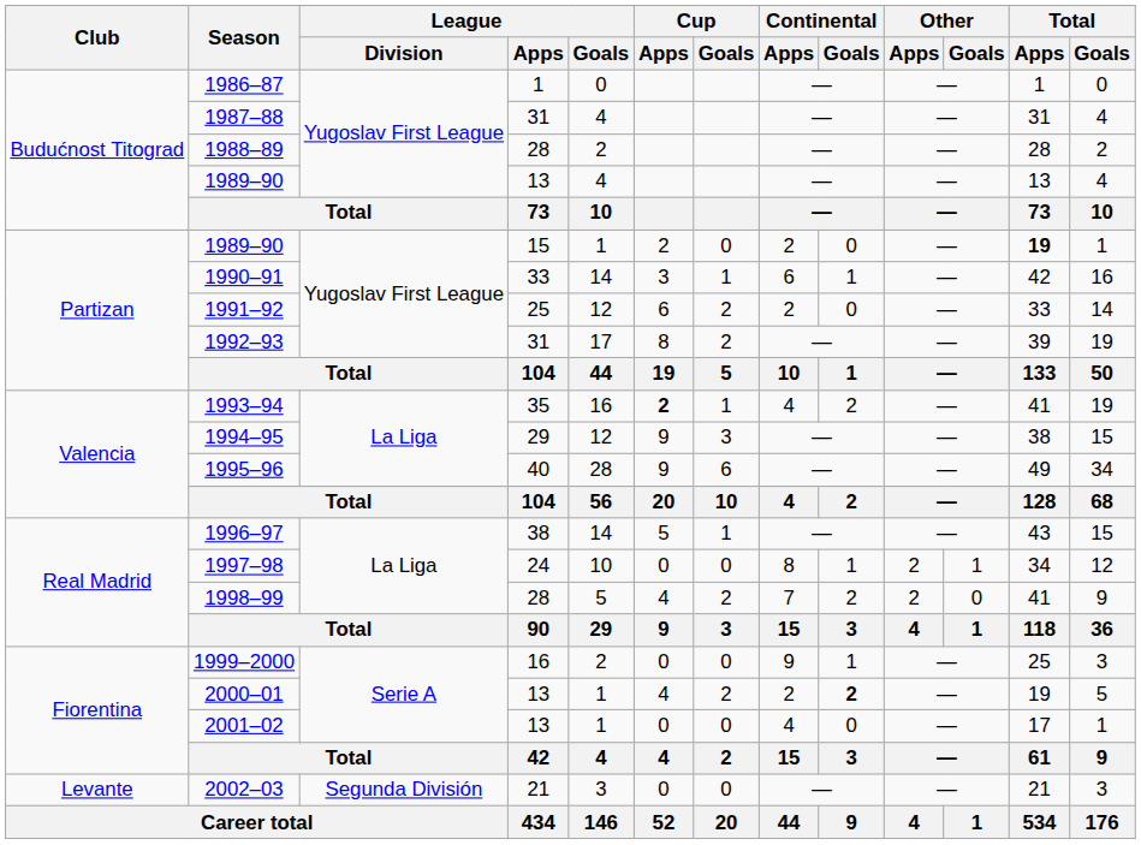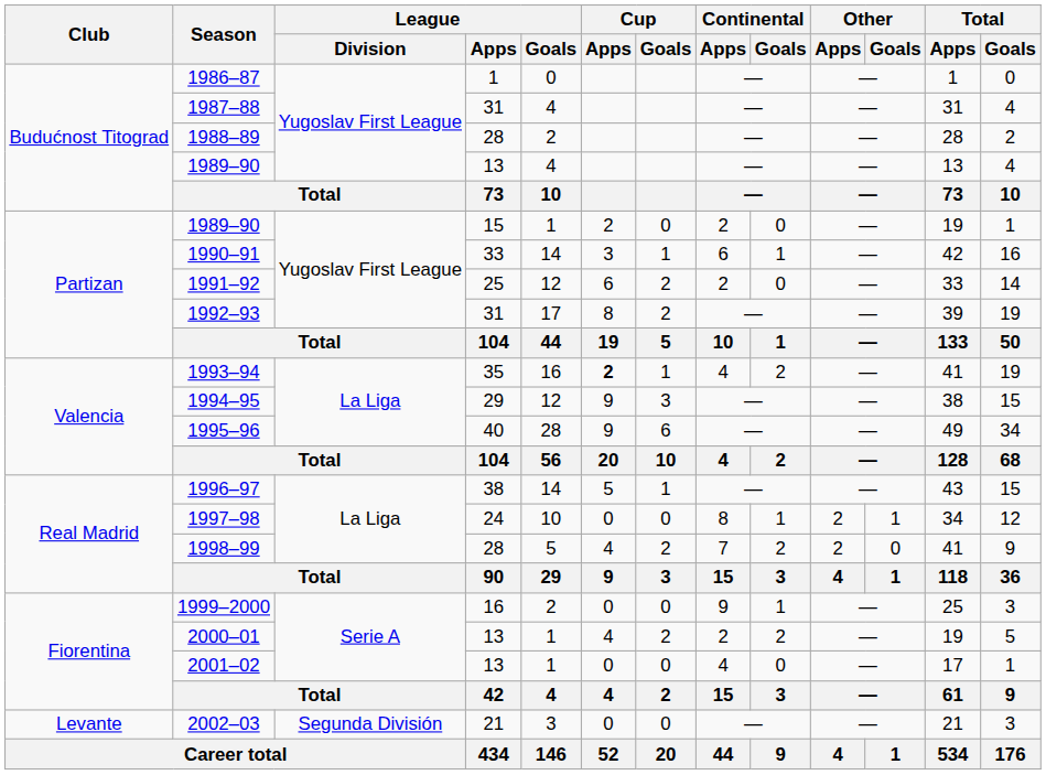 <table class="wikitable" style="text-align:center">
 <tr>
 <th rowspan="2">Club</th>
 <th rowspan="2">Season</th>
 <th colspan="3">League</th>
 <th colspan="2">Cup</th>
 <th colspan="2">Continental</th>
 <th colspan="2">Other</th>
 <th colspan="2">Total</th>
 </tr>
 <tr>
 <th>Division</th>
 <th>Apps</th>
 <th>Goals</th>
 <th>Apps</th>
 <th>Goals</th>
 <th>Apps</th>
 <th>Goals</th>
 <th>Apps</th>
 <th>Goals</th>
 <th>Apps</th>
 <th>Goals</th>
 </tr>
 <tr>
 <td rowspan="5"><a href='#'>Budućnost Titograd</a></td>
 <td><a href='#'>1986–87</a></td>
 <td rowspan="4"><a href='#'>Yugoslav First League</a></td>
 <td>1</td>
 <td>0</td>
 <td></td>
 <td></td>
 <td colspan="2">—</td>
 <td colspan="2">—</td>
 <td>1</td>
 <td>0</td>
 </tr>
 <tr>
 <td><a href='#'>1987–88</a></td>
 <td>31</td>
 <td>4</td>
 <td></td>
 <td></td>
 <td colspan="2">—</td>
 <td colspan="2">—</td>
 <td>31</td>
 <td>4</td>
 </tr>
 <tr>
 <td><a href='#'>1988–89</a></td>
 <td>28</td>
 <td>2</td>
 <td></td>
 <td></td>
 <td colspan="2">—</td>
 <td colspan="2">—</td>
 <td>28</td>
 <td>2</td>
 </tr>
 <tr>
 <td><a href='#'>1989–90</a></td>
 <td>13</td>
 <td>4</td>
 <td></td>
 <td></td>
 <td colspan="2">—</td>
 <td colspan="2">—</td>
 <td>13</td>
 <td>4</td>
 </tr>
 <tr>
 <th colspan="2">Total</th>
 <th>73</th>
 <th>10</th>
 <th></th>
 <th></th>
 <th colspan="2">—</th>
 <th colspan="2">—</th>
 <th>73</th>
 <th>10</th>
 </tr>
 <tr>
 <td rowspan="5"><a href='#'>Partizan</a></td>
 <td><a href='#'>1989–90</a></td>
 <td rowspan="4">Yugoslav First League</td>
 <td>15</td>
 <td>1</td>
 <td>2</td>
 <td>0</td>
 <td>2</td>
 <td>0</td>
 <td colspan="2">—</td>
-<td><strong>19</strong></td>
+<td>19</td>
 <td>1</td>
 </tr>
 <tr>
 <td><a href='#'>1990–91</a></td>
 <td>33</td>
 <td>14</td>
 <td>3</td>
 <td>1</td>
 <td>6</td>
 <td>1</td>
 <td colspan="2">—</td>
 <td>42</td>
 <td>16</td>
 </tr>
 <tr>
 <td><a href='#'>1991–92</a></td>
 <td>25</td>
 <td>12</td>
 <td>6</td>
 <td>2</td>
 <td>2</td>
 <td>0</td>
 <td colspan="2">—</td>
 <td>33</td>
 <td>14</td>
 </tr>
 <tr>
 <td><a href='#'>1992–93</a></td>
 <td>31</td>
 <td>17</td>
 <td>8</td>
 <td>2</td>
 <td colspan="2">—</td>
 <td colspan="2">—</td>
 <td>39</td>
 <td>19</td>
 </tr>
 <tr>
 <th colspan="2">Total</th>
 <th>104</th>
 <th>44</th>
 <th>19</th>
 <th>5</th>
 <th>10</th>
 <th>1</th>
 <th colspan="2">—</th>
 <th>133</th>
 <th>50</th>
 </tr>
 <tr>
 <td rowspan="4"><a href='#'>Valencia</a></td>
 <td><a href='#'>1993–94</a></td>
 <td rowspan="3"><a href='#'>La Liga</a></td>
 <td>35</td>
 <td>16</td>
 <td><strong>2</strong></td>
 <td>1</td>
 <td>4</td>
 <td>2</td>
 <td colspan="2">—</td>
 <td>41</td>
 <td>19</td>
 </tr>
 <tr>
 <td><a href='#'>1994–95</a></td>
 <td>29</td>
 <td>12</td>
 <td>9</td>
 <td>3</td>
 <td colspan="2">—</td>
 <td colspan="2">—</td>
 <td>38</td>
 <td>15</td>
 </tr>
 <tr>
 <td><a href='#'>1995–96</a></td>
 <td>40</td>
 <td>28</td>
 <td>9</td>
 <td>6</td>
 <td colspan="2">—</td>
 <td colspan="2">—</td>
 <td>49</td>
 <td>34</td>
 </tr>
 <tr>
 <th colspan="2">Total</th>
 <th>104</th>
 <th>56</th>
 <th>20</th>
 <th>10</th>
 <th>4</th>
 <th>2</th>
 <th colspan="2">—</th>
 <th>128</th>
 <th>68</th>
 </tr>
 <tr>
 <td rowspan="4"><a href='#'>Real Madrid</a></td>
 <td><a href='#'>1996–97</a></td>
 <td rowspan="3">La Liga</td>
 <td>38</td>
 <td>14</td>
 <td>5</td>
 <td>1</td>
 <td colspan="2">—</td>
 <td colspan="2">—</td>
 <td>43</td>
 <td>15</td>
 </tr>
 <tr>
 <td><a href='#'>1997–98</a></td>
 <td>24</td>
 <td>10</td>
 <td>0</td>
 <td>0</td>
 <td>8</td>
 <td>1</td>
 <td>2</td>
 <td>1</td>
 <td>34</td>
 <td>12</td>
 </tr>
 <tr>
 <td><a href='#'>1998–99</a></td>
 <td>28</td>
 <td>5</td>
 <td>4</td>
 <td>2</td>
 <td>7</td>
 <td>2</td>
 <td>2</td>
 <td>0</td>
 <td>41</td>
 <td>9</td>
 </tr>
 <tr>
 <th colspan="2">Total</th>
 <th>90</th>
 <th>29</th>
 <th>9</th>
 <th>3</th>
 <th>15</th>
 <th>3</th>
 <th>4</th>
 <th>1</th>
 <th>118</th>
 <th>36</th>
 </tr>
 <tr>
 <td rowspan="4"><a href='#'>Fiorentina</a></td>
 <td><a href='#'>1999–2000</a></td>
 <td rowspan="3"><a href='#'>Serie A</a></td>
 <td>16</td>
 <td>2</td>
 <td>0</td>
 <td>0</td>
 <td>9</td>
 <td>1</td>
 <td colspan="2">—</td>
 <td>25</td>
 <td>3</td>
 </tr>
 <tr>
 <td><a href='#'>2000–01</a></td>
 <td>13</td>
 <td>1</td>
 <td>4</td>
 <td>2</td>
 <td>2</td>
-<td><strong>2</strong></td>
+<td>2</td>
 <td colspan="2">—</td>
 <td>19</td>
 <td>5</td>
 </tr>
 <tr>
 <td><a href='#'>2001–02</a></td>
 <td>13</td>
 <td>1</td>
 <td>0</td>
 <td>0</td>
 <td>4</td>
 <td>0</td>
 <td colspan="2">—</td>
 <td>17</td>
 <td>1</td>
 </tr>
 <tr>
 <th colspan="2">Total</th>
 <th>42</th>
 <th>4</th>
 <th>4</th>
 <th>2</th>
 <th>15</th>
 <th>3</th>
 <th colspan="2">—</th>
 <th>61</th>
 <th>9</th>
 </tr>
 <tr>
 <td><a href='#'>Levante</a></td>
 <td><a href='#'>2002–03</a></td>
 <td><a href='#'>Segunda División</a></td>
 <td>21</td>
 <td>3</td>
 <td>0</td>
 <td>0</td>
 <td colspan="2">—</td>
 <td colspan="2">—</td>
 <td>21</td>
 <td>3</td>
 </tr>
 <tr>
 <th colspan="3">Career total</th>
 <th>434</th>
 <th>146</th>
 <th>52</th>
 <th>20</th>
 <th>44</th>
 <th>9</th>
 <th>4</th>
 <th>1</th>
 <th>534</th>
 <th>176</th>
 </tr>
 </table>
